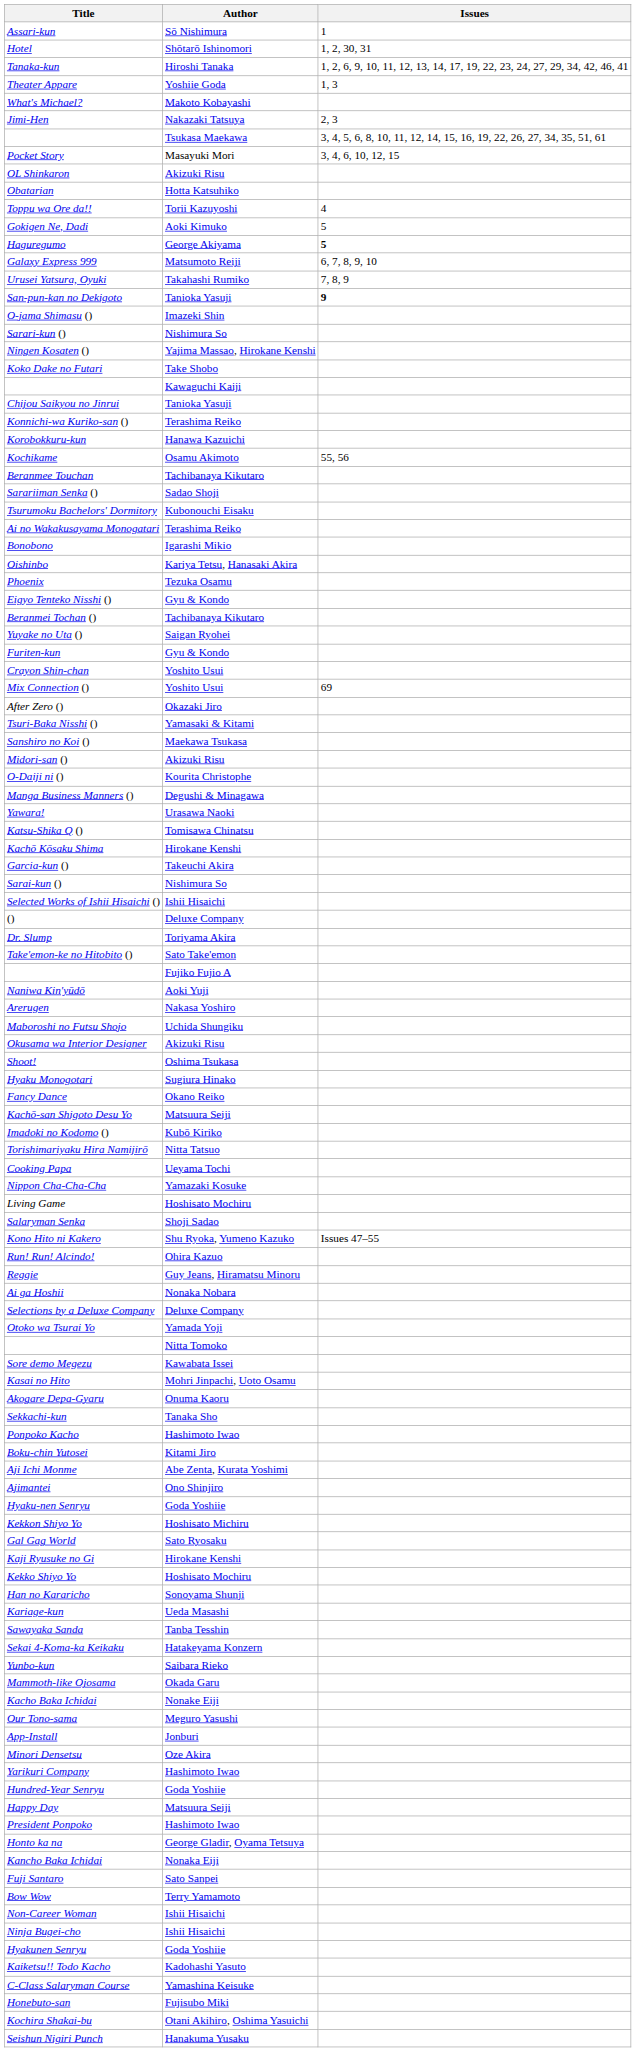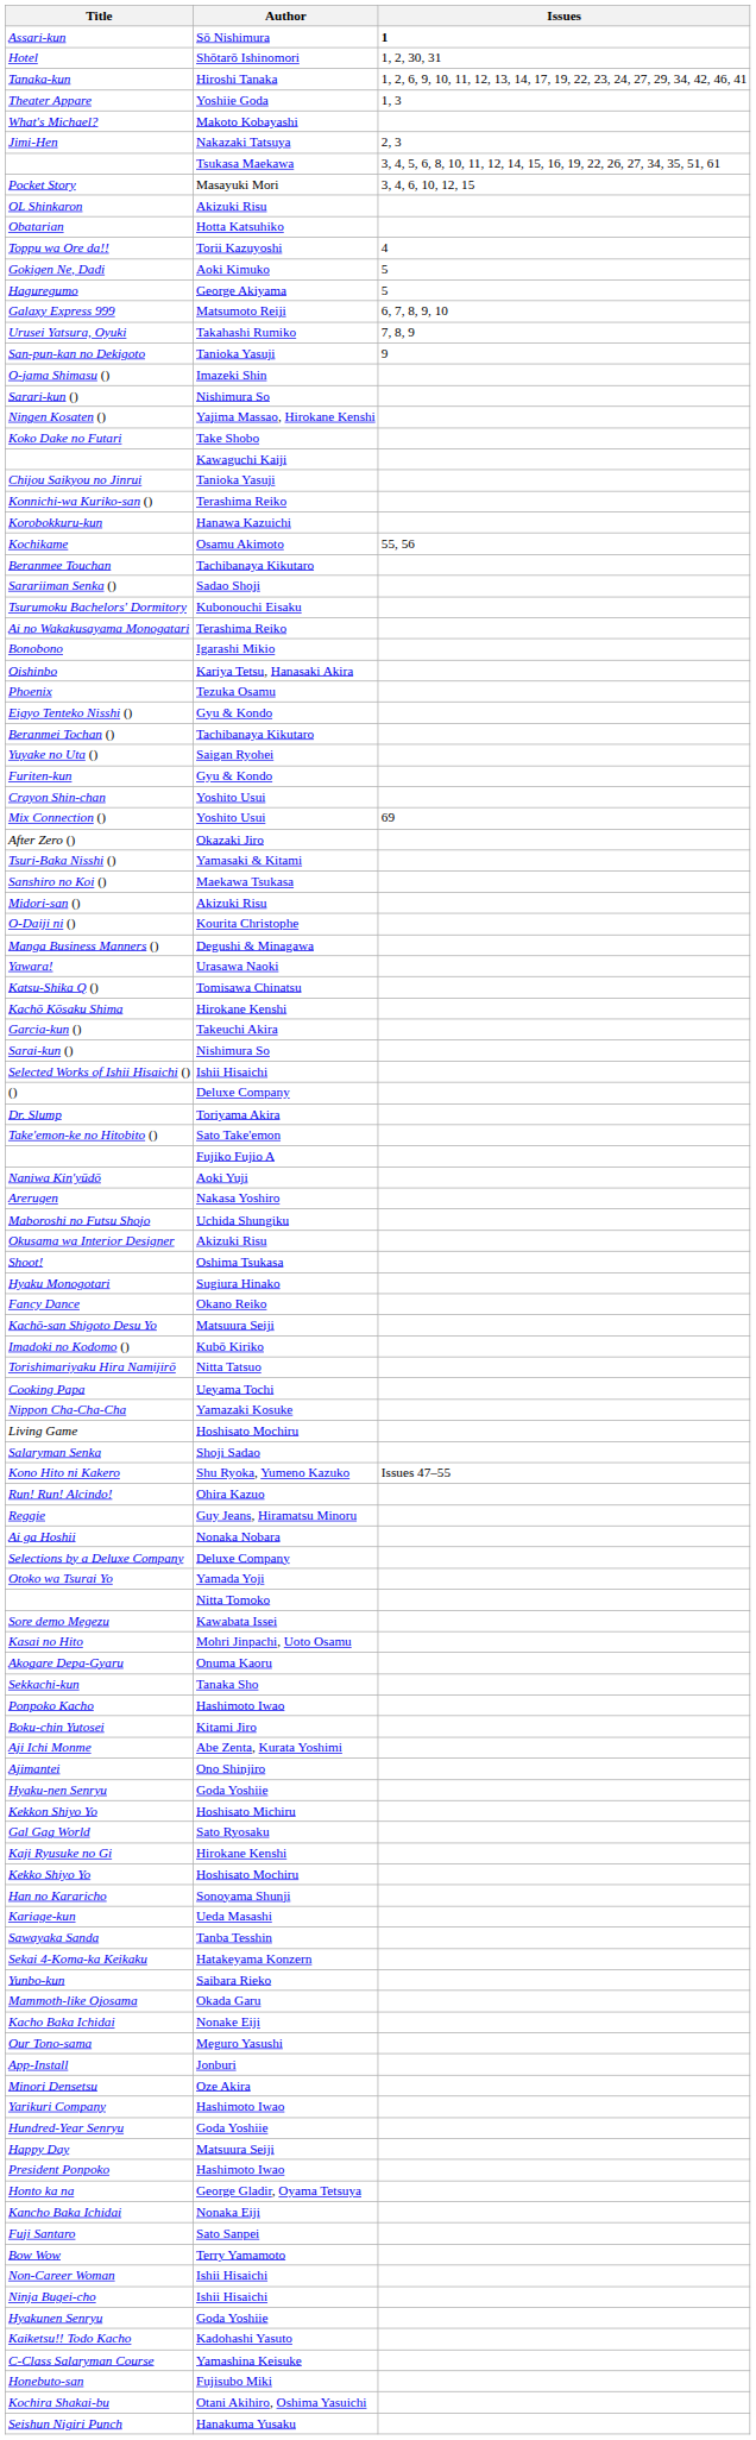 <table class="wikitable sortable" style="background: #FFF;">
 <tr>
 <th>Title</th>
 <th>Author</th>
 <th>Issues</th>
 </tr>
 <tr>
 <td><em><a href='#'>Assari-kun</a></em></td>
 <td><a href='#'>Sō Nishimura</a></td>
-<td>1</td>
+<td><strong>1</strong></td>
 </tr>
 <tr>
 <td><em><a href='#'>Hotel</a></em></td>
 <td><a href='#'>Shōtarō Ishinomori</a></td>
 <td>1, 2, 30, 31</td>
 </tr>
 <tr>
 <td><em><a href='#'>Tanaka-kun</a></em></td>
 <td><a href='#'>Hiroshi Tanaka</a></td>
 <td>1, 2, 6, 9, 10, 11, 12, 13, 14, 17, 19, 22, 23, 24, 27, 29, 34, 42, 46, 41</td>
 </tr>
 <tr>
 <td><em><a href='#'>Theater Appare</a></em></td>
 <td><a href='#'>Yoshiie Goda</a></td>
 <td>1, 3</td>
 </tr>
 <tr>
 <td><em><a href='#'>What's Michael?</a></em></td>
 <td><a href='#'>Makoto Kobayashi</a></td>
 <td></td>
 </tr>
 <tr>
 <td><em><a href='#'>Jimi-Hen</a></em></td>
 <td><a href='#'>Nakazaki Tatsuya</a></td>
 <td>2, 3</td>
 </tr>
 <tr>
 <td></td>
 <td><a href='#'>Tsukasa Maekawa</a></td>
 <td>3, 4, 5, 6, 8, 10, 11, 12, 14, 15, 16, 19, 22, 26, 27, 34, 35, 51, 61</td>
 </tr>
 <tr>
 <td><em><a href='#'>Pocket Story</a></em></td>
 <td>Masayuki Mori</td>
 <td>3, 4, 6, 10, 12, 15</td>
 </tr>
 <tr>
 <td><em><a href='#'>OL Shinkaron</a></em></td>
 <td><a href='#'>Akizuki Risu</a></td>
 <td></td>
 </tr>
 <tr>
 <td><em><a href='#'>Obatarian</a></em></td>
 <td><a href='#'>Hotta Katsuhiko</a></td>
 <td></td>
 </tr>
 <tr>
 <td><em><a href='#'>Toppu wa Ore da!!</a></em></td>
 <td><a href='#'>Torii Kazuyoshi</a></td>
 <td>4</td>
 </tr>
 <tr>
 <td><em><a href='#'>Gokigen Ne, Dadi</a></em></td>
 <td><a href='#'>Aoki Kimuko</a></td>
 <td>5</td>
 </tr>
 <tr>
 <td><em><a href='#'>Haguregumo</a></em></td>
 <td><a href='#'>George Akiyama</a></td>
-<td><strong>5</strong></td>
+<td>5</td>
 </tr>
 <tr>
 <td><em><a href='#'>Galaxy Express 999</a></em></td>
 <td><a href='#'>Matsumoto Reiji</a></td>
 <td>6, 7, 8, 9, 10</td>
 </tr>
 <tr>
 <td><em><a href='#'>Urusei Yatsura, Oyuki</a></em></td>
 <td><a href='#'>Takahashi Rumiko</a></td>
 <td>7, 8, 9</td>
 </tr>
 <tr>
 <td><em><a href='#'>San-pun-kan no Dekigoto</a></em></td>
 <td><a href='#'>Tanioka Yasuji</a></td>
-<td><strong>9</strong></td>
+<td>9</td>
 </tr>
 <tr>
 <td><em><a href='#'>O-jama Shimasu</a></em> ()</td>
 <td><a href='#'>Imazeki Shin</a></td>
 <td></td>
 </tr>
 <tr>
 <td><em><a href='#'>Sarari-kun</a></em> ()</td>
 <td><a href='#'>Nishimura So</a></td>
 <td></td>
 </tr>
 <tr>
 <td><em><a href='#'>Ningen Kosaten</a></em> ()</td>
 <td><a href='#'>Yajima Massao</a>, <a href='#'>Hirokane Kenshi</a></td>
 <td></td>
 </tr>
 <tr>
 <td><em><a href='#'>Koko Dake no Futari</a></em></td>
 <td><a href='#'>Take Shobo</a></td>
 <td></td>
 </tr>
 <tr>
 <td></td>
 <td><a href='#'>Kawaguchi Kaiji</a></td>
 <td></td>
 </tr>
 <tr>
 <td><em><a href='#'>Chijou Saikyou no Jinrui</a></em></td>
 <td><a href='#'>Tanioka Yasuji</a></td>
 <td></td>
 </tr>
 <tr>
 <td><em><a href='#'>Konnichi-wa Kuriko-san</a></em> ()</td>
 <td><a href='#'>Terashima Reiko</a></td>
 <td></td>
 </tr>
 <tr>
 <td><em><a href='#'>Korobokkuru-kun</a></em></td>
 <td><a href='#'>Hanawa Kazuichi</a></td>
 <td></td>
 </tr>
 <tr>
 <td><em><a href='#'>Kochikame</a></em></td>
 <td><a href='#'>Osamu Akimoto</a></td>
 <td>55, 56</td>
 </tr>
 <tr>
 <td><em><a href='#'>Beranmee Touchan</a></em></td>
 <td><a href='#'>Tachibanaya Kikutaro</a></td>
 <td></td>
 </tr>
 <tr>
 <td><em><a href='#'>Sarariiman Senka</a></em> ()</td>
 <td><a href='#'>Sadao Shoji</a></td>
 <td></td>
 </tr>
 <tr>
 <td><em><a href='#'>Tsurumoku Bachelors' Dormitory</a></em></td>
 <td><a href='#'>Kubonouchi Eisaku</a></td>
 <td></td>
 </tr>
 <tr>
 <td><em><a href='#'>Ai no Wakakusayama Monogatari</a></em></td>
 <td><a href='#'>Terashima Reiko</a></td>
 <td></td>
 </tr>
 <tr>
 <td><em><a href='#'>Bonobono</a></em></td>
 <td><a href='#'>Igarashi Mikio</a></td>
 <td></td>
 </tr>
 <tr>
 <td><em><a href='#'>Oishinbo</a></em></td>
 <td><a href='#'>Kariya Tetsu</a>, <a href='#'>Hanasaki Akira</a></td>
 <td></td>
 </tr>
 <tr>
 <td><em><a href='#'>Phoenix</a></em></td>
 <td><a href='#'>Tezuka Osamu</a></td>
 <td></td>
 </tr>
 <tr>
 <td><em><a href='#'>Eigyo Tenteko Nisshi</a></em> ()</td>
 <td><a href='#'>Gyu & Kondo</a></td>
 <td></td>
 </tr>
 <tr>
 <td><em><a href='#'>Beranmei Tochan</a></em> ()</td>
 <td><a href='#'>Tachibanaya Kikutaro</a></td>
 <td></td>
 </tr>
 <tr>
 <td><em><a href='#'>Yuyake no Uta</a></em> ()</td>
 <td><a href='#'>Saigan Ryohei</a></td>
 <td></td>
 </tr>
 <tr>
 <td><em><a href='#'>Furiten-kun</a></em></td>
 <td><a href='#'>Gyu & Kondo</a></td>
 <td></td>
 </tr>
 <tr>
 <td><em><a href='#'>Crayon Shin-chan</a></em></td>
 <td><a href='#'>Yoshito Usui</a></td>
 <td></td>
 </tr>
 <tr>
 <td><em><a href='#'>Mix Connection</a></em> ()</td>
 <td><a href='#'>Yoshito Usui</a></td>
 <td>69</td>
 </tr>
 <tr>
 <td><em>After Zero</em> ()</td>
 <td><a href='#'>Okazaki Jiro</a></td>
 <td></td>
 </tr>
 <tr>
 <td><em><a href='#'>Tsuri-Baka Nisshi</a></em> ()</td>
 <td><a href='#'>Yamasaki & Kitami</a></td>
 <td></td>
 </tr>
 <tr>
 <td><em><a href='#'>Sanshiro no Koi</a></em> ()</td>
 <td><a href='#'>Maekawa Tsukasa</a></td>
 <td></td>
 </tr>
 <tr>
 <td><em><a href='#'>Midori-san</a></em> ()</td>
 <td><a href='#'>Akizuki Risu</a></td>
 <td></td>
 </tr>
 <tr>
 <td><em><a href='#'>O-Daiji ni</a></em> ()</td>
 <td><a href='#'>Kourita Christophe</a></td>
 <td></td>
 </tr>
 <tr>
 <td><em><a href='#'>Manga Business Manners</a></em> ()</td>
 <td><a href='#'>Degushi & Minagawa</a></td>
 <td></td>
 </tr>
 <tr>
 <td><em><a href='#'>Yawara!</a></em></td>
 <td><a href='#'>Urasawa Naoki</a></td>
 <td></td>
 </tr>
 <tr>
 <td><em><a href='#'>Katsu-Shika Q</a></em> ()</td>
 <td><a href='#'>Tomisawa Chinatsu</a></td>
 <td></td>
 </tr>
 <tr>
 <td><em><a href='#'>Kachō Kōsaku Shima</a></em></td>
 <td><a href='#'>Hirokane Kenshi</a></td>
 <td></td>
 </tr>
 <tr>
 <td><em><a href='#'>Garcia-kun</a></em> ()</td>
 <td><a href='#'>Takeuchi Akira</a></td>
 <td></td>
 </tr>
 <tr>
 <td><em><a href='#'>Sarai-kun</a></em> ()</td>
 <td><a href='#'>Nishimura So</a></td>
 <td></td>
 </tr>
 <tr>
 <td><em><a href='#'>Selected Works of Ishii Hisaichi</a></em> ()</td>
 <td><a href='#'>Ishii Hisaichi</a></td>
 <td></td>
 </tr>
 <tr>
 <td><em></em> ()</td>
 <td><a href='#'>Deluxe Company</a></td>
 <td></td>
 </tr>
 <tr>
 <td><em><a href='#'>Dr. Slump</a></em></td>
 <td><a href='#'>Toriyama Akira</a></td>
 <td></td>
 </tr>
 <tr>
 <td><em><a href='#'>Take'emon-ke no Hitobito</a></em> ()</td>
 <td><a href='#'>Sato Take'emon</a></td>
 <td></td>
 </tr>
 <tr>
 <td></td>
 <td><a href='#'>Fujiko Fujio A</a></td>
 <td></td>
 </tr>
 <tr>
 <td><em><a href='#'>Naniwa Kin'yūdō</a></em></td>
 <td><a href='#'>Aoki Yuji</a></td>
 <td></td>
 </tr>
 <tr>
 <td><em><a href='#'>Arerugen</a></em></td>
 <td><a href='#'>Nakasa Yoshiro</a></td>
 <td></td>
 </tr>
 <tr>
 <td><em><a href='#'>Maboroshi no Futsu Shojo</a></em></td>
 <td><a href='#'>Uchida Shungiku</a></td>
 <td></td>
 </tr>
 <tr>
 <td><em><a href='#'>Okusama wa Interior Designer</a></em></td>
 <td><a href='#'>Akizuki Risu</a></td>
 <td></td>
 </tr>
 <tr>
 <td><em><a href='#'>Shoot!</a></em></td>
 <td><a href='#'>Oshima Tsukasa</a></td>
 <td></td>
 </tr>
 <tr>
 <td><em><a href='#'>Hyaku Monogotari</a></em></td>
 <td><a href='#'>Sugiura Hinako</a></td>
 <td></td>
 </tr>
 <tr>
 <td><em><a href='#'>Fancy Dance</a></em></td>
 <td><a href='#'>Okano Reiko</a></td>
 <td></td>
 </tr>
 <tr>
 <td><em><a href='#'>Kachō-san Shigoto Desu Yo</a></em></td>
 <td><a href='#'>Matsuura Seiji</a></td>
 <td></td>
 </tr>
 <tr>
 <td><em><a href='#'>Imadoki no Kodomo</a></em> ()</td>
 <td><a href='#'>Kubō Kiriko</a></td>
 <td></td>
 </tr>
 <tr>
 <td><em><a href='#'>Torishimariyaku Hira Namijirō</a></em></td>
 <td><a href='#'>Nitta Tatsuo</a></td>
 <td></td>
 </tr>
 <tr>
 <td><em><a href='#'>Cooking Papa</a></em></td>
 <td><a href='#'>Ueyama Tochi</a></td>
 <td></td>
 </tr>
 <tr>
 <td><em><a href='#'>Nippon Cha-Cha-Cha</a></em></td>
 <td><a href='#'>Yamazaki Kosuke</a></td>
 <td></td>
 </tr>
 <tr>
 <td><em>Living Game</em></td>
 <td><a href='#'>Hoshisato Mochiru</a></td>
 <td></td>
 </tr>
 <tr>
 <td><em><a href='#'>Salaryman Senka</a></em></td>
 <td><a href='#'>Shoji Sadao</a></td>
 <td></td>
 </tr>
 <tr>
 <td><em><a href='#'>Kono Hito ni Kakero</a></em></td>
 <td><a href='#'>Shu Ryoka</a>, <a href='#'>Yumeno Kazuko</a></td>
 <td>Issues 47–55</td>
 </tr>
 <tr>
 <td><em><a href='#'>Run! Run! Alcindo!</a></em></td>
 <td><a href='#'>Ohira Kazuo</a></td>
 <td></td>
 </tr>
 <tr>
 <td><em><a href='#'>Reggie</a></em></td>
 <td><a href='#'>Guy Jeans</a>, <a href='#'>Hiramatsu Minoru</a></td>
 <td></td>
 </tr>
 <tr>
 <td><em><a href='#'>Ai ga Hoshii</a></em></td>
 <td><a href='#'>Nonaka Nobara</a></td>
 <td></td>
 </tr>
 <tr>
 <td><em><a href='#'>Selections by a Deluxe Company</a></em></td>
 <td><a href='#'>Deluxe Company</a></td>
 <td></td>
 </tr>
 <tr>
 <td><em><a href='#'>Otoko wa Tsurai Yo</a></em></td>
 <td><a href='#'>Yamada Yoji</a></td>
 <td></td>
 </tr>
 <tr>
 <td></td>
 <td><a href='#'>Nitta Tomoko</a></td>
 <td></td>
 </tr>
 <tr>
 <td><em><a href='#'>Sore demo Megezu</a></em></td>
 <td><a href='#'>Kawabata Issei</a></td>
 <td></td>
 </tr>
 <tr>
 <td><em><a href='#'>Kasai no Hito</a></em></td>
 <td><a href='#'>Mohri Jinpachi</a>, <a href='#'>Uoto Osamu</a></td>
 <td></td>
 </tr>
 <tr>
 <td><em><a href='#'>Akogare Depa-Gyaru</a></em></td>
 <td><a href='#'>Onuma Kaoru</a></td>
 <td></td>
 </tr>
 <tr>
 <td><em><a href='#'>Sekkachi-kun</a></em></td>
 <td><a href='#'>Tanaka Sho</a></td>
 <td></td>
 </tr>
 <tr>
 <td><em><a href='#'>Ponpoko Kacho</a></em></td>
 <td><a href='#'>Hashimoto Iwao</a></td>
 <td></td>
 </tr>
 <tr>
 <td><em><a href='#'>Boku-chin Yutosei</a></em></td>
 <td><a href='#'>Kitami Jiro</a></td>
 <td></td>
 </tr>
 <tr>
 <td><em><a href='#'>Aji Ichi Monme</a></em></td>
 <td><a href='#'>Abe Zenta</a>, <a href='#'>Kurata Yoshimi</a></td>
 <td></td>
 </tr>
 <tr>
 <td><em><a href='#'>Ajimantei</a></em></td>
 <td><a href='#'>Ono Shinjiro</a></td>
 <td></td>
 </tr>
 <tr>
 <td><em><a href='#'>Hyaku-nen Senryu</a></em></td>
 <td><a href='#'>Goda Yoshiie</a></td>
 <td></td>
 </tr>
 <tr>
 <td><em><a href='#'>Kekkon Shiyo Yo</a></em></td>
 <td><a href='#'>Hoshisato Michiru</a></td>
 <td></td>
 </tr>
 <tr>
 <td><em><a href='#'>Gal Gag World</a></em></td>
 <td><a href='#'>Sato Ryosaku</a></td>
 <td></td>
 </tr>
 <tr>
 <td><em><a href='#'>Kaji Ryusuke no Gi</a></em></td>
 <td><a href='#'>Hirokane Kenshi</a></td>
 <td></td>
 </tr>
 <tr>
 <td><em><a href='#'>Kekko Shiyo Yo</a></em></td>
 <td><a href='#'>Hoshisato Mochiru</a></td>
 <td></td>
 </tr>
 <tr>
 <td><em><a href='#'>Han no Kararicho</a></em></td>
 <td><a href='#'>Sonoyama Shunji</a></td>
 <td></td>
 </tr>
 <tr>
 <td><em><a href='#'>Kariage-kun</a></em></td>
 <td><a href='#'>Ueda Masashi</a></td>
 <td></td>
 </tr>
 <tr>
 <td><em><a href='#'>Sawayaka Sanda</a></em></td>
 <td><a href='#'>Tanba Tesshin</a></td>
 <td></td>
 </tr>
 <tr>
 <td><em><a href='#'>Sekai 4-Koma-ka Keikaku</a></em></td>
 <td><a href='#'>Hatakeyama Konzern</a></td>
 <td></td>
 </tr>
 <tr>
 <td><em><a href='#'>Yunbo-kun</a></em></td>
 <td><a href='#'>Saibara Rieko</a></td>
 <td></td>
 </tr>
 <tr>
 <td><em><a href='#'>Mammoth-like Ojosama</a></em></td>
 <td><a href='#'>Okada Garu</a></td>
 <td></td>
 </tr>
 <tr>
 <td><em><a href='#'>Kacho Baka Ichidai</a></em></td>
 <td><a href='#'>Nonake Eiji</a></td>
 <td></td>
 </tr>
 <tr>
 <td><em><a href='#'>Our Tono-sama</a></em></td>
 <td><a href='#'>Meguro Yasushi</a></td>
 <td></td>
 </tr>
 <tr>
 <td><em><a href='#'>App-Install</a></em></td>
 <td><a href='#'>Jonburi</a></td>
 <td></td>
 </tr>
 <tr>
 <td><em><a href='#'>Minori Densetsu</a></em></td>
 <td><a href='#'>Oze Akira</a></td>
 <td></td>
 </tr>
 <tr>
 <td><em><a href='#'>Yarikuri Company</a></em></td>
 <td><a href='#'>Hashimoto Iwao</a></td>
 <td></td>
 </tr>
 <tr>
 <td><em><a href='#'>Hundred-Year Senryu</a></em></td>
 <td><a href='#'>Goda Yoshiie</a></td>
 <td></td>
 </tr>
 <tr>
 <td><em><a href='#'>Happy Day</a></em></td>
 <td><a href='#'>Matsuura Seiji</a></td>
 <td></td>
 </tr>
 <tr>
 <td><em><a href='#'>President Ponpoko</a></em></td>
 <td><a href='#'>Hashimoto Iwao</a></td>
 <td></td>
 </tr>
 <tr>
 <td><em><a href='#'>Honto ka na</a></em></td>
 <td><a href='#'>George Gladir</a>, <a href='#'>Oyama Tetsuya</a></td>
 <td></td>
 </tr>
 <tr>
 <td><em><a href='#'>Kancho Baka Ichidai</a></em></td>
 <td><a href='#'>Nonaka Eiji</a></td>
 <td></td>
 </tr>
 <tr>
 <td><em><a href='#'>Fuji Santaro</a></em></td>
 <td><a href='#'>Sato Sanpei</a></td>
 <td></td>
 </tr>
 <tr>
 <td><em><a href='#'>Bow Wow</a></em></td>
 <td><a href='#'>Terry Yamamoto</a></td>
 <td></td>
 </tr>
 <tr>
 <td><em><a href='#'>Non-Career Woman</a></em></td>
 <td><a href='#'>Ishii Hisaichi</a></td>
 <td></td>
 </tr>
 <tr>
 <td><em><a href='#'>Ninja Bugei-cho</a></em></td>
 <td><a href='#'>Ishii Hisaichi</a></td>
 <td></td>
 </tr>
 <tr>
 <td><em><a href='#'>Hyakunen Senryu</a></em></td>
 <td><a href='#'>Goda Yoshiie</a></td>
 <td></td>
 </tr>
 <tr>
 <td><em><a href='#'>Kaiketsu!! Todo Kacho</a></em></td>
 <td><a href='#'>Kadohashi Yasuto</a></td>
 <td></td>
 </tr>
 <tr>
 <td><em><a href='#'>C-Class Salaryman Course</a></em></td>
 <td><a href='#'>Yamashina Keisuke</a></td>
 <td></td>
 </tr>
 <tr>
 <td><em><a href='#'>Honebuto-san</a></em></td>
 <td><a href='#'>Fujisubo Miki</a></td>
 <td></td>
 </tr>
 <tr>
 <td><em><a href='#'>Kochira Shakai-bu</a></em></td>
 <td><a href='#'>Otani Akihiro</a>, <a href='#'>Oshima Yasuichi</a></td>
 <td></td>
 </tr>
 <tr>
 <td><em><a href='#'>Seishun Nigiri Punch</a></em></td>
 <td><a href='#'>Hanakuma Yusaku</a></td>
 <td></td>
 </tr>
 </table>
